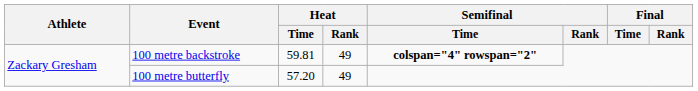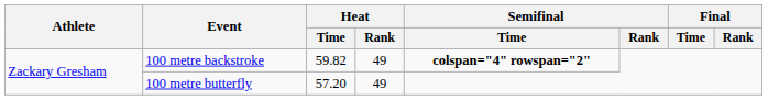 <table class="wikitable" style="text-align:center; font-size:90%; width:50%;">
 <tr>
 <th rowspan="2">Athlete</th>
 <th rowspan="2">Event</th>
 <th colspan="2">Heat</th>
 <th colspan="2">Semifinal</th>
 <th colspan="2">Final</th>
 </tr>
 <tr style="font-size:95%">
 <th>Time</th>
 <th>Rank</th>
 <th>Time</th>
 <th>Rank</th>
 <th>Time</th>
 <th>Rank</th>
 </tr>
 <tr align=center>
 <td align=left rowspan="2"><a href='#'>Zackary Gresham</a></td>
 <td align=left><a href='#'>100 metre backstroke</a></td>
-<td>59.81</td>
+<td>59.82</td>
 <td>49</td>
 <td><strong>colspan="4" rowspan="2" </strong></td>
 </tr>
 <tr align=center>
 <td align=left><a href='#'>100 metre butterfly</a></td>
 <td>57.20</td>
 <td>49</td>
 </tr>
 </table>
